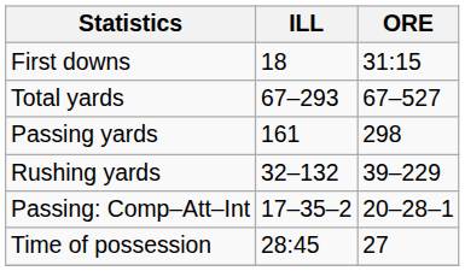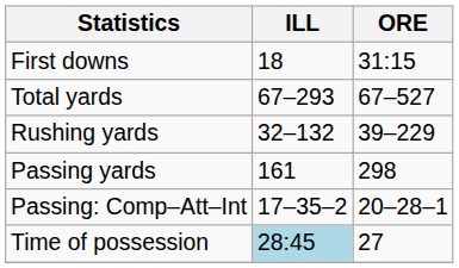 <table class="wikitable" style="float: left;">
 <tr>
 <th>Statistics</th>
 <th>ILL</th>
 <th>ORE</th>
 </tr>
 <tr>
 <td>First downs</td>
 <td>18</td>
 <td>31:15</td>
 </tr>
 <tr>
 <td>Total yards</td>
 <td>67–293</td>
 <td>67–527</td>
 </tr>
 <tr>
+<td>Rushing yards</td>
+<td>32–132</td>
+<td>39–229</td>
+</tr>
+<tr>
 <td>Passing yards</td>
 <td>161</td>
 <td>298</td>
-</tr>
-<tr>
-<td>Rushing yards</td>
-<td>32–132</td>
-<td>39–229</td>
 </tr>
 <tr>
 <td>Passing: Comp–Att–Int</td>
 <td>17–35–2</td>
 <td>20–28–1</td>
 </tr>
 <tr>
 <td>Time of possession</td>
-<td>28:45</td>
+<td style="background: lightblue;">28:45</td>
 <td>27</td>
 </tr>
 <tr>
 </tr>
 </table>
